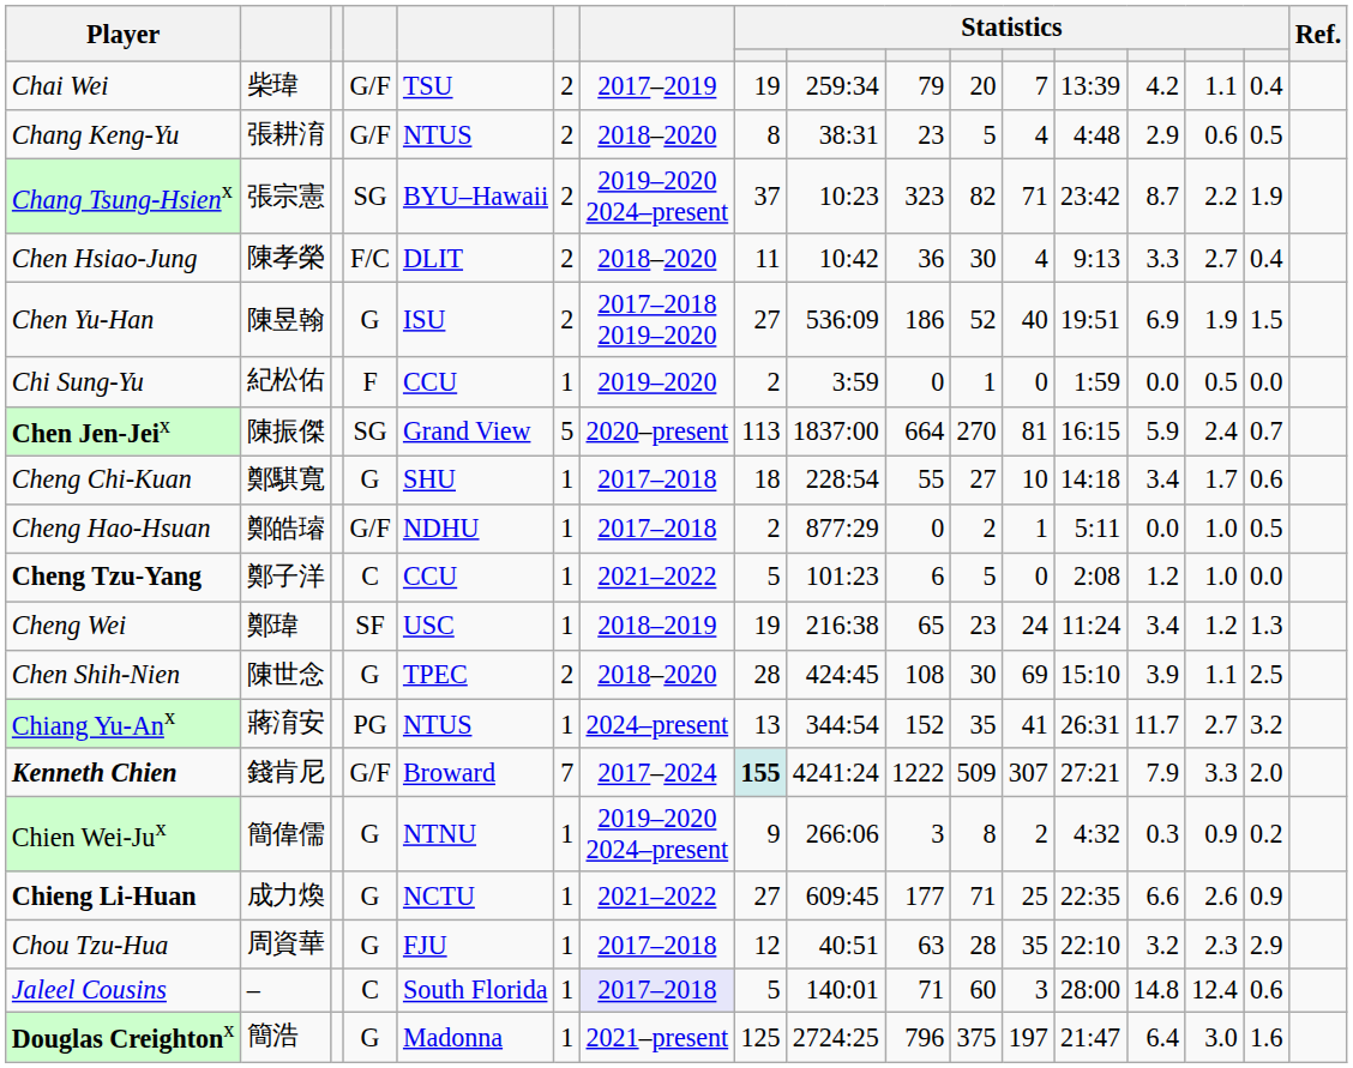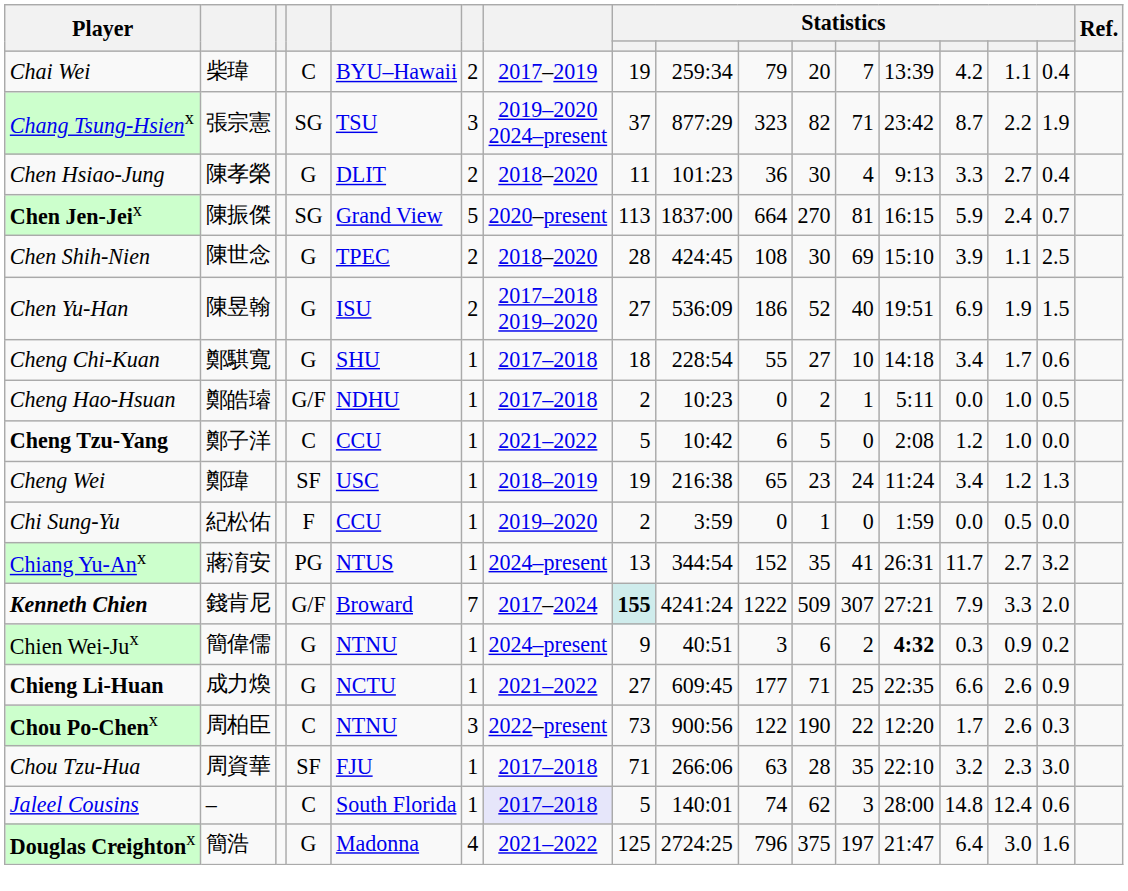 <table class="wikitable sortable" style="font-size:95%; text-align:right;">
 <tr>
 <th rowspan="2">Player</th>
 <th rowspan="2"></th>
 <th rowspan="2"></th>
 <th rowspan="2"></th>
 <th rowspan="2"></th>
 <th rowspan="2"></th>
 <th rowspan="2"></th>
 <th colspan="9">Statistics</th>
 <th rowspan="2">Ref.</th>
 </tr>
 <tr>
 <th></th>
 <th></th>
 <th></th>
 <th></th>
 <th></th>
 <th></th>
 <th></th>
 <th></th>
 <th></th>
 </tr>
 <tr>
 <td align="left"><em>Chai Wei</em></td>
 <td align="left">柴瑋</td>
 <td align="center"></td>
-<td align="center">G/F</td>
-<td align="left"><a href='#'>TSU</a></td>
+<td align="center">C</td>
+<td align="left"><a href='#'>BYU–Hawaii</a></td>
 <td align="center">2</td>
 <td align="center"><a href='#'>2017</a>–<a href='#'>2019</a></td>
 <td>19</td>
 <td>259:34</td>
 <td>79</td>
 <td>20</td>
 <td>7</td>
 <td>13:39</td>
 <td>4.2</td>
 <td>1.1</td>
 <td>0.4</td>
 <td align="center"></td>
 </tr>
 <tr>
-<td align="left"><em>Chang Keng-Yu</em></td>
-<td align="left">張耕淯</td>
-<td align="center"></td>
-<td align="center">G/F</td>
-<td align="left"><a href='#'>NTUS</a></td>
-<td align="center">2</td>
-<td align="center"><a href='#'>2018</a>–<a href='#'>2020</a></td>
-<td>8</td>
-<td>38:31</td>
-<td>23</td>
-<td>5</td>
-<td>4</td>
-<td>4:48</td>
-<td>2.9</td>
-<td>0.6</td>
-<td>0.5</td>
-<td align="center"></td>
-</tr>
-<tr>
 <td align="left" bgcolor="#CCFFCC"><em><a href='#'>Chang Tsung-Hsien</a></em><sup>x</sup></td>
 <td align="left">張宗憲</td>
 <td align="center"></td>
 <td align="center">SG</td>
-<td align="left"><a href='#'>BYU–Hawaii</a></td>
-<td align="center">2</td>
+<td align="left"><a href='#'>TSU</a></td>
+<td align="center">3</td>
 <td align="center"><a href='#'>2019–2020</a><br><a href='#'>2024–present</a></td>
 <td>37</td>
-<td>10:23</td>
+<td>877:29</td>
 <td>323</td>
 <td>82</td>
 <td>71</td>
 <td>23:42</td>
 <td>8.7</td>
 <td>2.2</td>
 <td>1.9</td>
 <td align="center"></td>
 </tr>
 <tr>
 <td align="left"><em>Chen Hsiao-Jung</em></td>
 <td align="left">陳孝榮</td>
 <td align="center"></td>
-<td align="center">F/C</td>
+<td align="center">G</td>
 <td align="left"><a href='#'>DLIT</a></td>
 <td align="center">2</td>
 <td align="center"><a href='#'>2018</a>–<a href='#'>2020</a></td>
 <td>11</td>
-<td>10:42</td>
+<td>101:23</td>
 <td>36</td>
 <td>30</td>
 <td>4</td>
 <td>9:13</td>
 <td>3.3</td>
 <td>2.7</td>
 <td>0.4</td>
+<td align="center"></td>
+</tr>
+<tr>
+<td align="left" bgcolor="#CCFFCC"><strong>Chen Jen-Jei</strong><sup>x</sup></td>
+<td align="left">陳振傑</td>
+<td align="center"></td>
+<td align="center">SG</td>
+<td align="left"><a href='#'>Grand View</a></td>
+<td align="center">5</td>
+<td align="center"><a href='#'>2020</a>–<a href='#'>present</a></td>
+<td>113</td>
+<td>1837:00</td>
+<td>664</td>
+<td>270</td>
+<td>81</td>
+<td>16:15</td>
+<td>5.9</td>
+<td>2.4</td>
+<td>0.7</td>
+<td align="center"></td>
+</tr>
+<tr>
+<td align="left"><em>Chen Shih-Nien</em></td>
+<td align="left">陳世念</td>
+<td align="center"></td>
+<td align="center">G</td>
+<td align="left"><a href='#'>TPEC</a></td>
+<td align="center">2</td>
+<td align="center"><a href='#'>2018</a>–<a href='#'>2020</a></td>
+<td>28</td>
+<td>424:45</td>
+<td>108</td>
+<td>30</td>
+<td>69</td>
+<td>15:10</td>
+<td>3.9</td>
+<td>1.1</td>
+<td>2.5</td>
 <td align="center"></td>
 </tr>
 <tr>
 <td align="left"><em>Chen Yu-Han</em></td>
 <td align="left">陳昱翰</td>
 <td align="center"></td>
 <td align="center">G</td>
 <td align="left"><a href='#'>ISU</a></td>
 <td align="center">2</td>
 <td align="center"><a href='#'>2017–2018</a><br><a href='#'>2019–2020</a></td>
 <td>27</td>
 <td>536:09</td>
 <td>186</td>
 <td>52</td>
 <td>40</td>
 <td>19:51</td>
 <td>6.9</td>
 <td>1.9</td>
 <td>1.5</td>
-<td align="center"></td>
-</tr>
-<tr>
-<td align="left"><em>Chi Sung-Yu</em></td>
-<td align="left">紀松佑</td>
-<td align="center"></td>
-<td align="center">F</td>
-<td align="left"><a href='#'>CCU</a></td>
-<td align="center">1</td>
-<td align="center"><a href='#'>2019–2020</a></td>
-<td>2</td>
-<td>3:59</td>
-<td>0</td>
-<td>1</td>
-<td>0</td>
-<td>1:59</td>
-<td>0.0</td>
-<td>0.5</td>
-<td>0.0</td>
-<td align="center"></td>
-</tr>
-<tr>
-<td align="left" bgcolor="#CCFFCC"><strong>Chen Jen-Jei</strong><sup>x</sup></td>
-<td align="left">陳振傑</td>
-<td align="center"></td>
-<td align="center">SG</td>
-<td align="left"><a href='#'>Grand View</a></td>
-<td align="center">5</td>
-<td align="center"><a href='#'>2020</a>–<a href='#'>present</a></td>
-<td>113</td>
-<td>1837:00</td>
-<td>664</td>
-<td>270</td>
-<td>81</td>
-<td>16:15</td>
-<td>5.9</td>
-<td>2.4</td>
-<td>0.7</td>
 <td align="center"></td>
 </tr>
 <tr>
 <td align="left"><em>Cheng Chi-Kuan</em></td>
 <td align="left">鄭騏寬</td>
 <td align="center"></td>
 <td align="center">G</td>
 <td align="left"><a href='#'>SHU</a></td>
 <td align="center">1</td>
 <td align="center"><a href='#'>2017–2018</a></td>
 <td>18</td>
 <td>228:54</td>
 <td>55</td>
 <td>27</td>
 <td>10</td>
 <td>14:18</td>
 <td>3.4</td>
 <td>1.7</td>
 <td>0.6</td>
 <td align="center"></td>
 </tr>
 <tr>
 <td align="left"><em>Cheng Hao-Hsuan</em></td>
 <td align="left">鄭皓璿</td>
 <td align="center"></td>
 <td align="center">G/F</td>
 <td align="left"><a href='#'>NDHU</a></td>
 <td align="center">1</td>
 <td align="center"><a href='#'>2017–2018</a></td>
 <td>2</td>
-<td>877:29</td>
+<td>10:23</td>
 <td>0</td>
 <td>2</td>
 <td>1</td>
 <td>5:11</td>
 <td>0.0</td>
 <td>1.0</td>
 <td>0.5</td>
 <td align="center"></td>
 </tr>
 <tr>
 <td align="left"><strong>Cheng Tzu-Yang</strong></td>
 <td align="left">鄭子洋</td>
 <td align="center"></td>
 <td align="center">C</td>
 <td align="left"><a href='#'>CCU</a></td>
 <td align="center">1</td>
 <td align="center"><a href='#'>2021–2022</a></td>
 <td>5</td>
-<td>101:23</td>
+<td>10:42</td>
 <td>6</td>
 <td>5</td>
 <td>0</td>
 <td>2:08</td>
 <td>1.2</td>
 <td>1.0</td>
 <td>0.0</td>
 <td align="center"></td>
 </tr>
 <tr>
 <td align="left"><em>Cheng Wei</em></td>
 <td align="left">鄭瑋</td>
 <td align="center"></td>
 <td align="center">SF</td>
 <td align="left"><a href='#'>USC</a></td>
 <td align="center">1</td>
 <td align="center"><a href='#'>2018–2019</a></td>
 <td>19</td>
 <td>216:38</td>
 <td>65</td>
 <td>23</td>
 <td>24</td>
 <td>11:24</td>
 <td>3.4</td>
 <td>1.2</td>
 <td>1.3</td>
 <td align="center"></td>
 </tr>
 <tr>
-<td align="left"><em>Chen Shih-Nien</em></td>
-<td align="left">陳世念</td>
+<td align="left"><em>Chi Sung-Yu</em></td>
+<td align="left">紀松佑</td>
 <td align="center"></td>
-<td align="center">G</td>
-<td align="left"><a href='#'>TPEC</a></td>
-<td align="center">2</td>
-<td align="center"><a href='#'>2018</a>–<a href='#'>2020</a></td>
-<td>28</td>
-<td>424:45</td>
-<td>108</td>
-<td>30</td>
-<td>69</td>
-<td>15:10</td>
-<td>3.9</td>
-<td>1.1</td>
-<td>2.5</td>
+<td align="center">F</td>
+<td align="left"><a href='#'>CCU</a></td>
+<td align="center">1</td>
+<td align="center"><a href='#'>2019–2020</a></td>
+<td>2</td>
+<td>3:59</td>
+<td>0</td>
+<td>1</td>
+<td>0</td>
+<td>1:59</td>
+<td>0.0</td>
+<td>0.5</td>
+<td>0.0</td>
 <td align="center"></td>
 </tr>
 <tr>
 <td align="left" bgcolor="#CCFFCC"><a href='#'>Chiang Yu-An</a><sup>x</sup></td>
 <td align="left">蔣淯安</td>
 <td align="center"></td>
 <td align="center">PG</td>
 <td align="left"><a href='#'>NTUS</a></td>
 <td align="center">1</td>
 <td align="center"><a href='#'>2024–present</a></td>
 <td>13</td>
 <td>344:54</td>
 <td>152</td>
 <td>35</td>
 <td>41</td>
 <td>26:31</td>
 <td>11.7</td>
 <td>2.7</td>
 <td>3.2</td>
 <td align="center"></td>
 </tr>
 <tr>
 <td align="left"><strong><em>Kenneth Chien</em></strong></td>
 <td align="left">錢肯尼</td>
 <td align="center"></td>
 <td align="center">G/F</td>
 <td align="left"><a href='#'>Broward</a></td>
 <td align="center">7</td>
 <td align="center"><a href='#'>2017</a>–<a href='#'>2024</a></td>
 <td bgcolor="#CFECEC"><strong>155</strong></td>
 <td>4241:24</td>
 <td>1222</td>
 <td>509</td>
 <td>307</td>
 <td>27:21</td>
 <td>7.9</td>
 <td>3.3</td>
 <td>2.0</td>
 <td align="center"></td>
 </tr>
 <tr>
 <td align="left" bgcolor="#CCFFCC">Chien Wei-Ju<sup>x</sup></td>
 <td align="left">簡偉儒</td>
 <td align="center"></td>
 <td align="center">G</td>
 <td align="left"><a href='#'>NTNU</a></td>
 <td align="center">1</td>
-<td align="center"><a href='#'>2019–2020</a><br><a href='#'>2024–present</a></td>
+<td align="center"><a href='#'>2024–present</a></td>
 <td>9</td>
-<td>266:06</td>
+<td>40:51</td>
 <td>3</td>
-<td>8</td>
+<td>6</td>
 <td>2</td>
-<td>4:32</td>
+<td><strong>4:32</strong></td>
 <td>0.3</td>
 <td>0.9</td>
 <td>0.2</td>
 <td align="center"></td>
 </tr>
 <tr>
 <td align="left"><strong>Chieng Li-Huan</strong></td>
 <td align="left">成力煥</td>
 <td align="center"></td>
 <td align="center">G</td>
 <td align="left"><a href='#'>NCTU</a></td>
 <td align="center">1</td>
 <td align="center"><a href='#'>2021–2022</a></td>
 <td>27</td>
 <td>609:45</td>
 <td>177</td>
 <td>71</td>
 <td>25</td>
 <td>22:35</td>
 <td>6.6</td>
 <td>2.6</td>
 <td>0.9</td>
 <td align="center"></td>
 </tr>
 <tr>
+<td align="left" bgcolor="#CCFFCC"><strong>Chou Po-Chen</strong><sup>x</sup></td>
+<td align="left">周柏臣</td>
+<td align="center"></td>
+<td align="center">C</td>
+<td align="left"><a href='#'>NTNU</a></td>
+<td align="center">3</td>
+<td align="center"><a href='#'>2022</a>–<a href='#'>present</a></td>
+<td>73</td>
+<td>900:56</td>
+<td>122</td>
+<td>190</td>
+<td>22</td>
+<td>12:20</td>
+<td>1.7</td>
+<td>2.6</td>
+<td>0.3</td>
+<td align="center"></td>
+</tr>
+<tr>
 <td align="left"><em>Chou Tzu-Hua</em></td>
 <td align="left">周資華</td>
 <td align="center"></td>
-<td align="center">G</td>
+<td align="center">SF</td>
 <td align="left"><a href='#'>FJU</a></td>
 <td align="center">1</td>
 <td align="center"><a href='#'>2017–2018</a></td>
-<td>12</td>
-<td>40:51</td>
+<td>71</td>
+<td>266:06</td>
 <td>63</td>
 <td>28</td>
 <td>35</td>
 <td>22:10</td>
 <td>3.2</td>
 <td>2.3</td>
-<td>2.9</td>
+<td>3.0</td>
 <td align="center"></td>
 </tr>
 <tr>
 <td align="left"><em><a href='#'>Jaleel Cousins</a></em></td>
 <td align="left">–</td>
 <td align="center"></td>
 <td align="center">C</td>
 <td align="left"><a href='#'>South Florida</a></td>
 <td align="center">1</td>
 <td align="center" style="background: lavender;"><a href='#'>2017–2018</a></td>
 <td>5</td>
 <td>140:01</td>
-<td>71</td>
-<td>60</td>
+<td>74</td>
+<td>62</td>
 <td>3</td>
 <td>28:00</td>
 <td>14.8</td>
 <td>12.4</td>
 <td>0.6</td>
 <td align="center"></td>
 </tr>
 <tr>
 <td align="left" bgcolor="#CCFFCC"><strong>Douglas Creighton</strong><sup>x</sup></td>
 <td align="left">簡浩</td>
 <td align="center"></td>
 <td align="center">G</td>
 <td align="left"><a href='#'>Madonna</a></td>
-<td align="center">1</td>
-<td align="center"><a href='#'>2021</a>–<a href='#'>present</a></td>
+<td align="center">4</td>
+<td align="center"><a href='#'>2021–2022</a></td>
 <td>125</td>
 <td>2724:25</td>
 <td>796</td>
 <td>375</td>
 <td>197</td>
 <td>21:47</td>
 <td>6.4</td>
 <td>3.0</td>
 <td>1.6</td>
 <td align="center"></td>
 </tr>
 </table>
